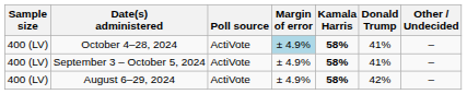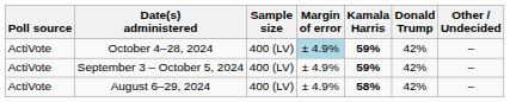 <table class="wikitable sortable mw-datatable" style="font-size:90%;text-align:center;line-height:17px">
 <tr valign=bottom>
+<th>Poll source</th>
+<th>Date(s)<br>administered</th>
 <th>Sample<br>size</th>
-<th>Date(s)<br>administered</th>
-<th>Poll source</th>
 <th>Margin<br>of error</th>
 <th class="unsortable">Kamala<br>Harris<br></th>
 <th class="unsortable">Donald<br>Trump<br></th>
 <th class="unsortable">Other /<br>Undecided</th>
 </tr>
 <tr>
+<td style="text-align:left">ActiVote</td>
+<td data-sort-value="2024-10-28">October 4–28, 2024</td>
 <td>400 (LV)</td>
-<td data-sort-value="2024-10-28">October 4–28, 2024</td>
-<td style="text-align:left">ActiVote</td>
 <td style="background: lightblue;">± 4.9%</td>
-<td style="color:black;background-color:"><strong>58%</strong></td>
-<td>41%</td>
+<td style="color:black;background-color:"><strong>59%</strong></td>
+<td>42%</td>
 <td>–</td>
 </tr>
 <tr>
+<td style="text-align:left;">ActiVote</td>
+<td data-sort-value=2022-10-11>September 3 – October 5, 2024</td>
 <td>400 (LV)</td>
-<td data-sort-value=2022-10-11>September 3 – October 5, 2024</td>
-<td style="text-align:left;">ActiVote</td>
 <td>± 4.9%</td>
-<td style="color:black;background-color:"><strong>58%</strong></td>
-<td>41%</td>
+<td style="color:black;background-color:"><strong>59%</strong></td>
+<td>42%</td>
 <td>–</td>
 </tr>
 <tr>
+<td style="text-align:left;">ActiVote</td>
+<td data-sort-value=2022-10-11>August 6–29, 2024</td>
 <td>400 (LV)</td>
-<td data-sort-value=2022-10-11>August 6–29, 2024</td>
-<td style="text-align:left;">ActiVote</td>
 <td>± 4.9%</td>
 <td style="color:black;background-color:"><strong>58%</strong></td>
 <td>42%</td>
 <td>–</td>
 </tr>
 </table>
